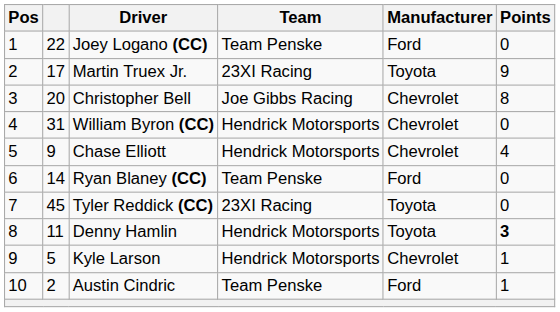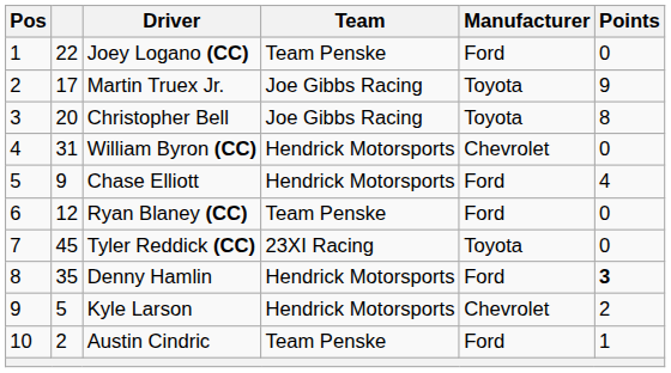 <table class="wikitable" style="font-size:98%">
 <tr>
 <th>Pos</th>
 <th></th>
 <th>Driver</th>
 <th>Team</th>
 <th>Manufacturer</th>
 <th>Points</th>
 </tr>
 <tr>
 <td>1</td>
 <td>22</td>
 <td>Joey Logano <strong>(CC)</strong></td>
 <td>Team Penske</td>
 <td>Ford</td>
 <td>0</td>
 </tr>
 <tr>
 <td>2</td>
 <td>17</td>
 <td>Martin Truex Jr.</td>
-<td>23XI Racing</td>
+<td>Joe Gibbs Racing</td>
 <td>Toyota</td>
 <td>9</td>
 </tr>
 <tr>
 <td>3</td>
 <td>20</td>
 <td>Christopher Bell</td>
 <td>Joe Gibbs Racing</td>
-<td>Chevrolet</td>
+<td>Toyota</td>
 <td>8</td>
 </tr>
 <tr>
 <td>4</td>
 <td>31</td>
 <td>William Byron <strong>(CC)</strong></td>
 <td>Hendrick Motorsports</td>
 <td>Chevrolet</td>
 <td>0</td>
 </tr>
 <tr>
 <td>5</td>
 <td>9</td>
 <td>Chase Elliott</td>
 <td>Hendrick Motorsports</td>
-<td>Chevrolet</td>
+<td>Ford</td>
 <td>4</td>
 </tr>
 <tr>
 <td>6</td>
-<td>14</td>
+<td>12</td>
 <td>Ryan Blaney <strong>(CC)</strong></td>
 <td>Team Penske</td>
 <td>Ford</td>
 <td>0</td>
 </tr>
 <tr>
 <td>7</td>
 <td>45</td>
 <td>Tyler Reddick <strong>(CC)</strong></td>
 <td>23XI Racing</td>
 <td>Toyota</td>
 <td>0</td>
 </tr>
 <tr>
 <td>8</td>
-<td>11</td>
+<td>35</td>
 <td>Denny Hamlin</td>
 <td>Hendrick Motorsports</td>
-<td>Toyota</td>
+<td>Ford</td>
 <td><strong>3</strong></td>
 </tr>
 <tr>
 <td>9</td>
 <td>5</td>
 <td>Kyle Larson</td>
 <td>Hendrick Motorsports</td>
 <td>Chevrolet</td>
-<td>1</td>
+<td>2</td>
 </tr>
 <tr>
 <td>10</td>
 <td>2</td>
 <td>Austin Cindric</td>
 <td>Team Penske</td>
 <td>Ford</td>
 <td>1</td>
 </tr>
 <tr>
 <th colspan="6"></th>
 </tr>
 </table>
